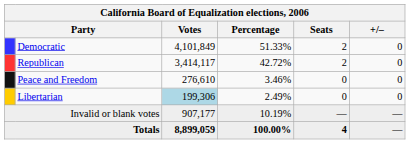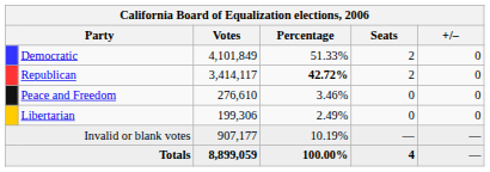 <table class="wikitable" style="font-size: 95%;">
 <tr style="background:#e9e9e9;">
 <th colspan="6">California Board of Equalization elections, 2006</th>
 </tr>
 <tr style="background:#eee; text-align:center;">
 <th colspan=2 style="width: 15em">Party</th>
 <th style="width: 5em">Votes</th>
 <th style="width: 7em">Percentage</th>
 <th style="width: 5em">Seats</th>
 <th style="width: 5em">+/–</th>
 </tr>
 <tr>
 <th style="background:#33f; width:3px;"></th>
 <td style="width: 130px"><a href='#'>Democratic</a></td>
 <td style="text-align:right;">4,101,849</td>
 <td style="text-align:right;">51.33%</td>
 <td style="text-align:right;">2</td>
 <td style="text-align:right;">0</td>
 </tr>
 <tr>
 <th style="background:#f33; width:3px;"></th>
 <td style="width: 130px"><a href='#'>Republican</a></td>
 <td style="text-align:right;">3,414,117</td>
-<td style="text-align:right;">42.72%</td>
+<td style="text-align:right;"><strong>42.72%</strong></td>
 <td style="text-align:right;">2</td>
 <td style="text-align:right;">0</td>
 </tr>
 <tr>
 <th style="background:#111; width:3px;"></th>
 <td style="width: 130px"><a href='#'>Peace and Freedom</a></td>
 <td style="text-align:right;">276,610</td>
 <td style="text-align:right;">3.46%</td>
 <td style="text-align:right;">0</td>
 <td style="text-align:right;">0</td>
 </tr>
 <tr>
 <th style="background:#fc0; width:3px;"></th>
 <td style="width: 130px"><a href='#'>Libertarian</a></td>
-<td style="background: lightblue; text-align:right;">199,306</td>
+<td style="text-align:right;">199,306</td>
 <td style="text-align:right;">2.49%</td>
 <td style="text-align:right;">0</td>
 <td style="text-align:right;">0</td>
 </tr>
 <tr style="background:#eee; text-align:right;">
 <td colspan="2">Invalid or blank votes</td>
 <td>907,177</td>
 <td>10.19%</td>
 <td>—</td>
 <td>—</td>
 </tr>
 <tr style="background:#eee; text-align:right;">
 <td colspan="2"><strong>Totals</strong></td>
 <td><strong>8,899,059</strong></td>
 <td><strong>100.00%</strong></td>
 <td><strong>4</strong></td>
 <td><strong>—</strong></td>
 </tr>
 </table>
